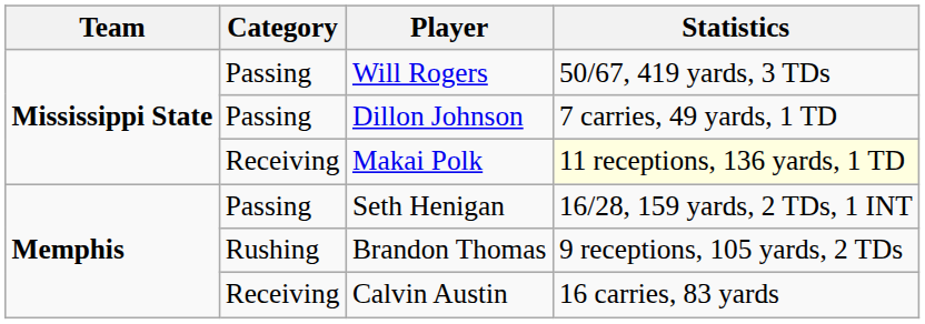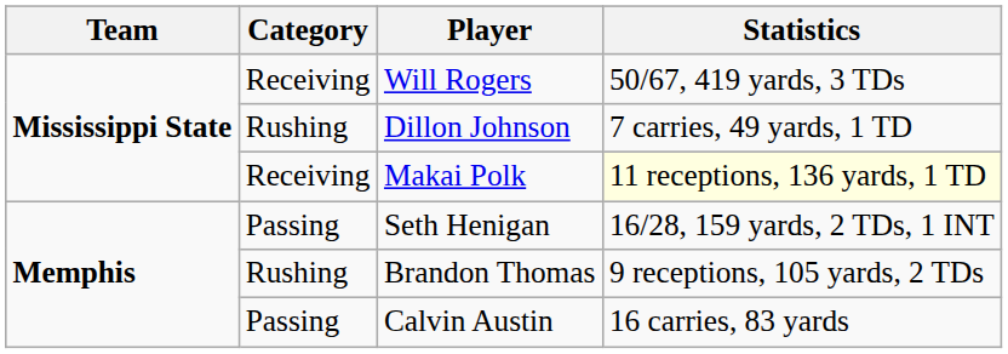 <table class="wikitable" style="float: left;">
 <tr>
 <th>Team</th>
 <th>Category</th>
 <th>Player</th>
 <th>Statistics</th>
 </tr>
 <tr>
 <td rowspan=3><strong>Mississippi State</strong></td>
-<td>Passing</td>
+<td>Receiving</td>
 <td><a href='#'>Will Rogers</a></td>
 <td>50/67, 419 yards, 3 TDs</td>
 </tr>
 <tr>
-<td>Passing</td>
+<td>Rushing</td>
 <td><a href='#'>Dillon Johnson</a></td>
 <td>7 carries, 49 yards, 1 TD</td>
 </tr>
 <tr>
 <td>Receiving</td>
 <td><a href='#'>Makai Polk</a></td>
 <td style="background: lightyellow;">11 receptions, 136 yards, 1 TD</td>
 </tr>
 <tr>
 <td rowspan=3><strong>Memphis</strong></td>
 <td>Passing</td>
 <td>Seth Henigan</td>
 <td>16/28, 159 yards, 2 TDs, 1 INT</td>
 </tr>
 <tr>
 <td>Rushing</td>
 <td>Brandon Thomas</td>
 <td>9 receptions, 105 yards, 2 TDs</td>
 </tr>
 <tr>
-<td>Receiving</td>
+<td>Passing</td>
 <td>Calvin Austin</td>
 <td>16 carries, 83 yards</td>
 </tr>
 </table>
